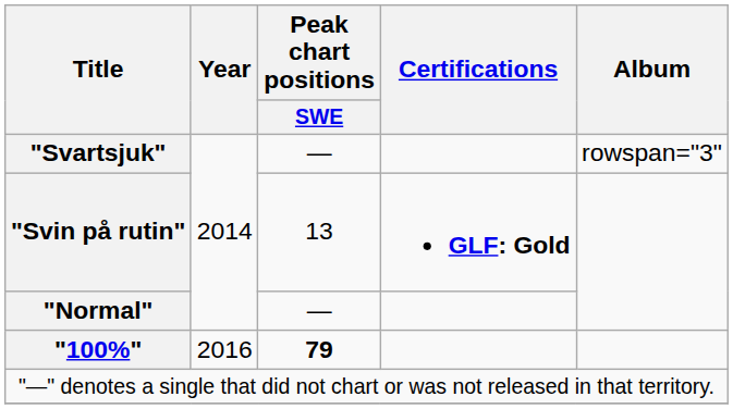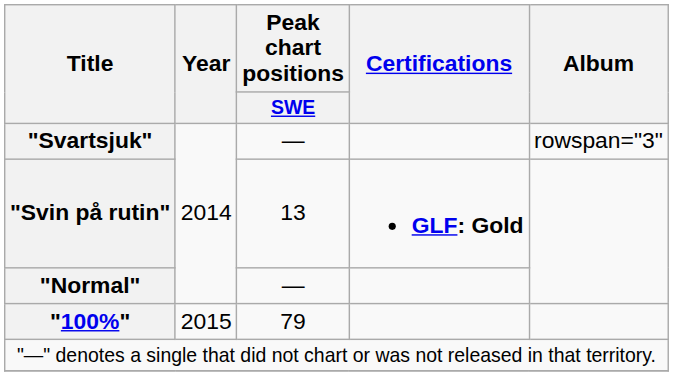 <table class="wikitable plainrowheaders" style="text-align:center;">
 <tr>
 <th scope="col" rowspan="2">Title</th>
 <th scope="col" rowspan="2">Year</th>
 <th scope="col" colspan="1">Peak chart positions</th>
 <th scope="col" rowspan="2"><a href='#'>Certifications</a></th>
 <th scope="col" rowspan="2">Album</th>
 </tr>
 <tr>
 <th scope="col" style="width:3em;font-size:85%;"><a href='#'>SWE</a><br></th>
 </tr>
 <tr>
 <th scope="row">"Svartsjuk"</th>
 <td rowspan="3">2014</td>
 <td>—</td>
 <td></td>
 <td>rowspan="3" </td>
 </tr>
 <tr>
 <th scope="row">"Svin på rutin"</th>
 <td>13</td>
 <td><strong><br><ul><li><a href='#'>GLF</a>: Gold</li></ul></strong></td>
 </tr>
 <tr>
 <th scope="row">"Normal"</th>
 <td>—</td>
 <td></td>
 </tr>
 <tr>
 <th scope="row">"<a href='#'>100%</a>"</th>
-<td>2016</td>
-<td><strong>79</strong></td>
+<td>2015</td>
+<td>79</td>
 <td></td>
 <td></td>
 </tr>
 <tr>
 <td colspan="10" style="font-size:85%">"—" denotes a single that did not chart or was not released in that territory.</td>
 </tr>
 <tr>
 </tr>
 </table>
